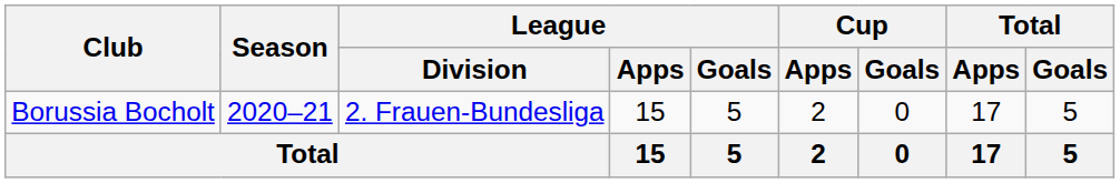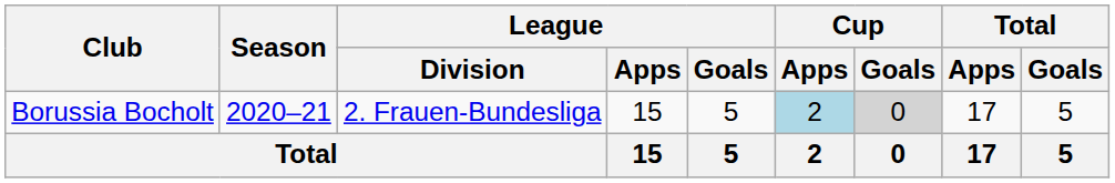 <table class="wikitable" style="text-align: center;">
 <tr>
 <th rowspan=2>Club</th>
 <th rowspan=2>Season</th>
 <th colspan=3>League</th>
 <th colspan=2>Cup</th>
 <th colspan=2>Total</th>
 </tr>
 <tr>
 <th>Division</th>
 <th>Apps</th>
 <th>Goals</th>
 <th>Apps</th>
 <th>Goals</th>
 <th>Apps</th>
 <th>Goals</th>
 </tr>
 <tr>
 <td><a href='#'>Borussia Bocholt</a></td>
 <td><a href='#'>2020–21</a></td>
 <td><a href='#'>2. Frauen-Bundesliga</a></td>
 <td>15</td>
 <td>5</td>
-<td>2</td>
-<td>0</td>
+<td style="background: lightblue;">2</td>
+<td style="background: lightgrey;">0</td>
 <td>17</td>
 <td>5</td>
 </tr>
 <tr>
 <th colspan=3>Total</th>
 <th>15</th>
 <th>5</th>
 <th>2</th>
 <th>0</th>
 <th>17</th>
 <th>5</th>
 </tr>
 </table>
